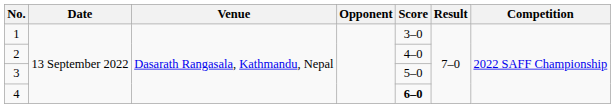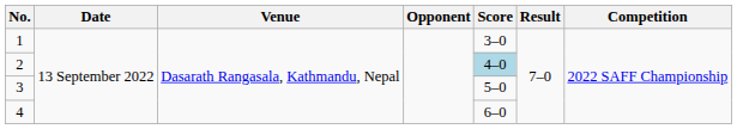 <table class="wikitable sortable">
 <tr>
 <th scope="col">No.</th>
 <th scope="col">Date</th>
 <th scope="col">Venue</th>
 <th scope="col">Opponent</th>
 <th scope="col">Score</th>
 <th scope="col">Result</th>
 <th scope="col">Competition</th>
 </tr>
 <tr>
 <td align="center">1</td>
 <td rowspan="4">13 September 2022</td>
 <td rowspan="4"><a href='#'>Dasarath Rangasala</a>, <a href='#'>Kathmandu</a>, Nepal</td>
 <td rowspan="4"></td>
 <td align="center">3–0</td>
 <td rowspan="4" align="center">7–0</td>
 <td rowspan="4"><a href='#'>2022 SAFF Championship</a></td>
 </tr>
 <tr>
 <td align="center">2</td>
-<td align="center">4–0</td>
+<td align="center" style="background: lightblue;">4–0</td>
 </tr>
 <tr>
 <td align="center">3</td>
 <td align="center">5–0</td>
 </tr>
 <tr>
 <td align="center">4</td>
-<td align="center"><strong>6–0</strong></td>
+<td align="center">6–0</td>
 </tr>
 </table>
